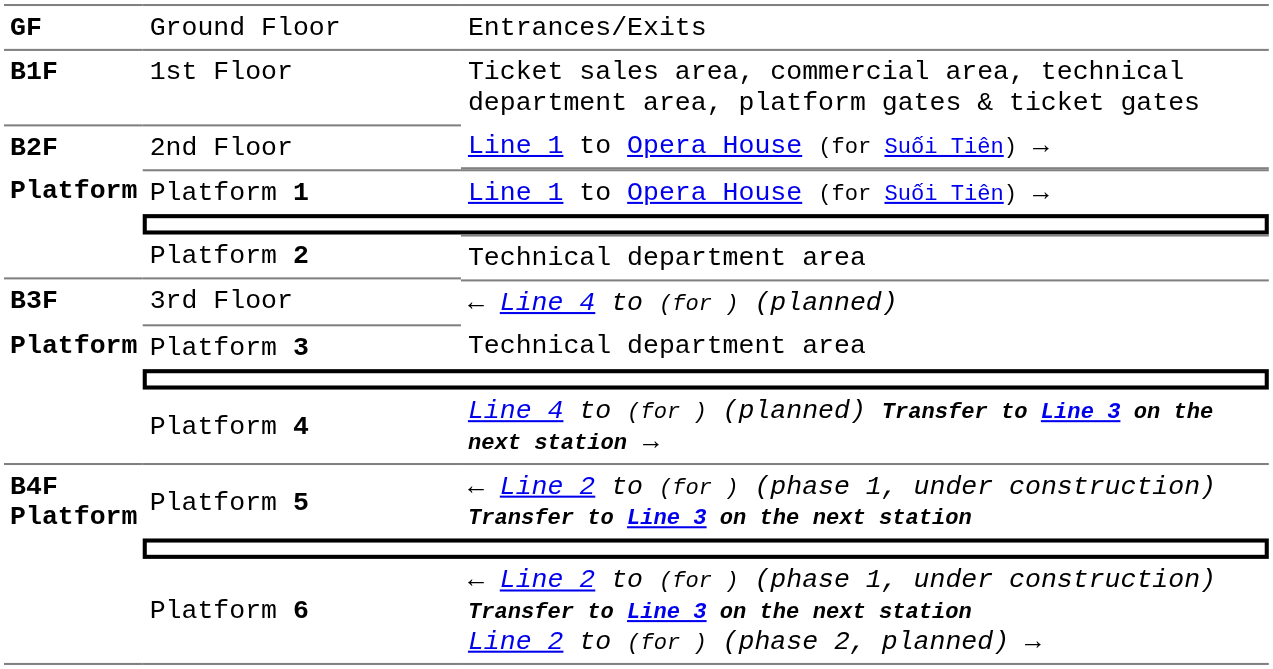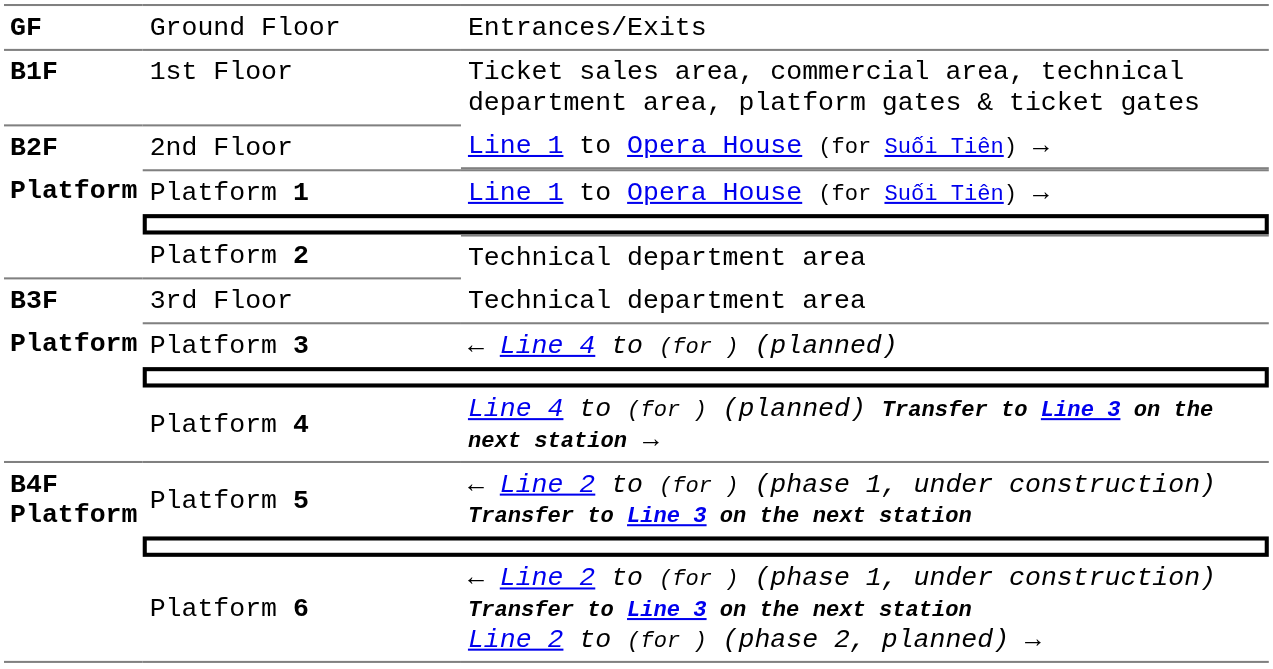 <table border=0 cellspacing=0 cellpadding=3>
 <tr>
 <td style="border-top:solid 1px gray;border-bottom:solid 1px gray;" width=50 valign=top><strong>GF</strong></td>
 <td style="border-top:solid 1px gray;border-bottom:solid 1px gray;" width=100 valign=top>Ground Floor</td>
 <td style="border-top:solid 1px gray;border-bottom:solid 1px gray;" width=390 valign=top>Entrances/Exits</td>
 </tr>
 <tr>
 <td style="vertical-align:top;"><strong>B1F</strong></td>
 <td style="vertical-align:top;">1st Floor</td>
 <td style="vertical-align:top;">Ticket sales area, commercial area, technical department area, platform gates & ticket gates</td>
 </tr>
 <tr>
 <td style="vertical-align:top;border-top:solid 1px gray;"><strong>B2F</strong></td>
 <td style="vertical-align:top;border-top:solid 1px gray;">2nd Floor</td>
 <td style="border-bottom:solid 1px gray;" width=390>  <a href='#'>Line 1</a> to <a href='#'>Opera House</a> <small>(for <a href='#'>Suối Tiên</a>)</small> →</td>
 </tr>
 <tr>
 <td style="border-bottom:solid 1px gray;vertical-align:top;" rowspan=3;><strong>Platform</strong></td>
 <td style="border-top:solid 1px gray;" width=150>Platform <span><strong>1</strong></span></td>
 <td style="border-top:solid 1px gray;" width=390>  <a href='#'>Line 1</a> to <a href='#'>Opera House</a> <small>(for <a href='#'>Suối Tiên</a>)</small> →</td>
 </tr>
 <tr>
 <td style="border-top:solid 2px black;border-right:solid 2px black;border-left:solid 2px black;border-bottom:solid 2px black;text-align:center;" colspan=2></td>
 </tr>
 <tr>
 <td style="border-bottom:solid 1px gray;" width=150>Platform <span><strong>2</strong></span></td>
 <td style="vertical-align:top;border-top:solid 1px gray;">Technical department area</td>
 </tr>
 <tr>
 <td style="vertical-align:top;"><strong>B3F</strong></td>
 <td style="vertical-align:top;">3rd Floor</td>
-<td style="border-top:solid 1px gray;" width=390><em>← </em><em> <a href='#'>Line 4</a> to  <small>(for )</small> (planned)</em></td>
+<td style="vertical-align:top;">Technical department area</td>
 </tr>
 <tr>
 <td style="border-bottom:solid 1px gray;vertical-align:top;" rowspan=3;><strong>Platform</strong></td>
 <td style="border-top:solid 1px gray;" width=150>Platform <span><strong>3</strong></span></td>
-<td style="vertical-align:top;">Technical department area</td>
+<td style="border-top:solid 1px gray;" width=390><em>← </em><em> <a href='#'>Line 4</a> to  <small>(for )</small> (planned)</em></td>
 </tr>
 <tr>
 <td style="border-top:solid 2px black;border-right:solid 2px black;border-left:solid 2px black;border-bottom:solid 2px black;text-align:center;" colspan=2></td>
 </tr>
 <tr>
 <td style="border-bottom:solid 1px gray;" width=150>Platform <span><strong>4</strong></span></td>
 <td style="border-bottom:solid 1px gray;" width=390> <em> <a href='#'>Line 4</a> to  <small>(for )</small> (planned)</em> <small><strong><em>Transfer to <em></em> <a href='#'>Line 3</a> on the next station</em></strong></small> <em>→</em></td>
 </tr>
 <tr>
 <td style="border-bottom:solid 1px gray;vertical-align:top;" rowspan=3;><strong>B4F<br>Platform</strong></td>
 <td width=150>Platform <span><strong>5</strong></span></td>
 <td width=390><em>← </em><em> <a href='#'>Line 2</a> to  <small>(for )</small> (phase 1, under construction)</em> <small><strong><em>Transfer to <em></em> <a href='#'>Line 3</a> on the next station</em></strong></small></td>
 </tr>
 <tr>
 <td style="border-top:solid 2px black;border-right:solid 2px black;border-left:solid 2px black;border-bottom:solid 2px black;text-align:center;" colspan=2></td>
 </tr>
 <tr>
 <td style="border-bottom:solid 1px gray;" width=150>Platform <span><strong>6</strong></span></td>
 <td style="border-bottom:solid 1px gray;" width=390><em>← </em><em> <a href='#'>Line 2</a> to  <small>(for )</small> (phase 1, under construction)</em> <small><strong><em>Transfer to <em></em> <a href='#'>Line 3</a> on the next station</em></strong></small><br> <em> <a href='#'>Line 2</a> to  <small>(for )</small> (phase 2, planned) →</em></td>
 </tr>
 </table>
